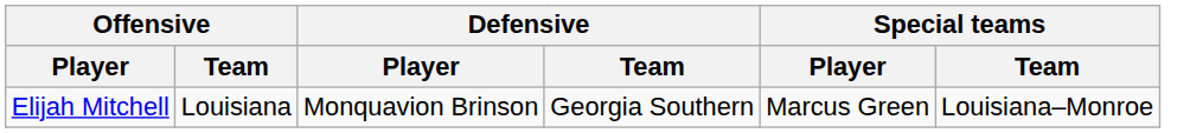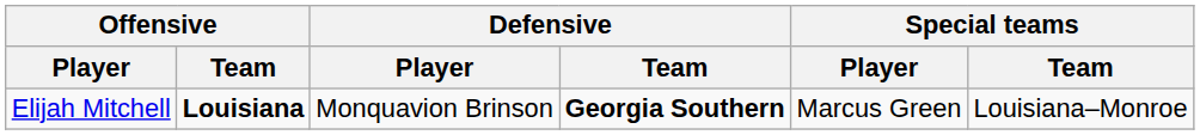 <table class="wikitable">
 <tr>
 <th colspan="2">Offensive</th>
 <th colspan="2">Defensive</th>
 <th colspan="2">Special teams</th>
 </tr>
 <tr>
 <th>Player</th>
 <th>Team</th>
 <th>Player</th>
 <th>Team</th>
 <th>Player</th>
 <th>Team</th>
 </tr>
 <tr>
 <td><a href='#'>Elijah Mitchell</a></td>
-<td>Louisiana</td>
+<td><strong>Louisiana</strong></td>
 <td>Monquavion Brinson</td>
-<td>Georgia Southern</td>
+<td><strong>Georgia Southern</strong></td>
 <td>Marcus Green</td>
 <td>Louisiana–Monroe</td>
 </tr>
 </table>
